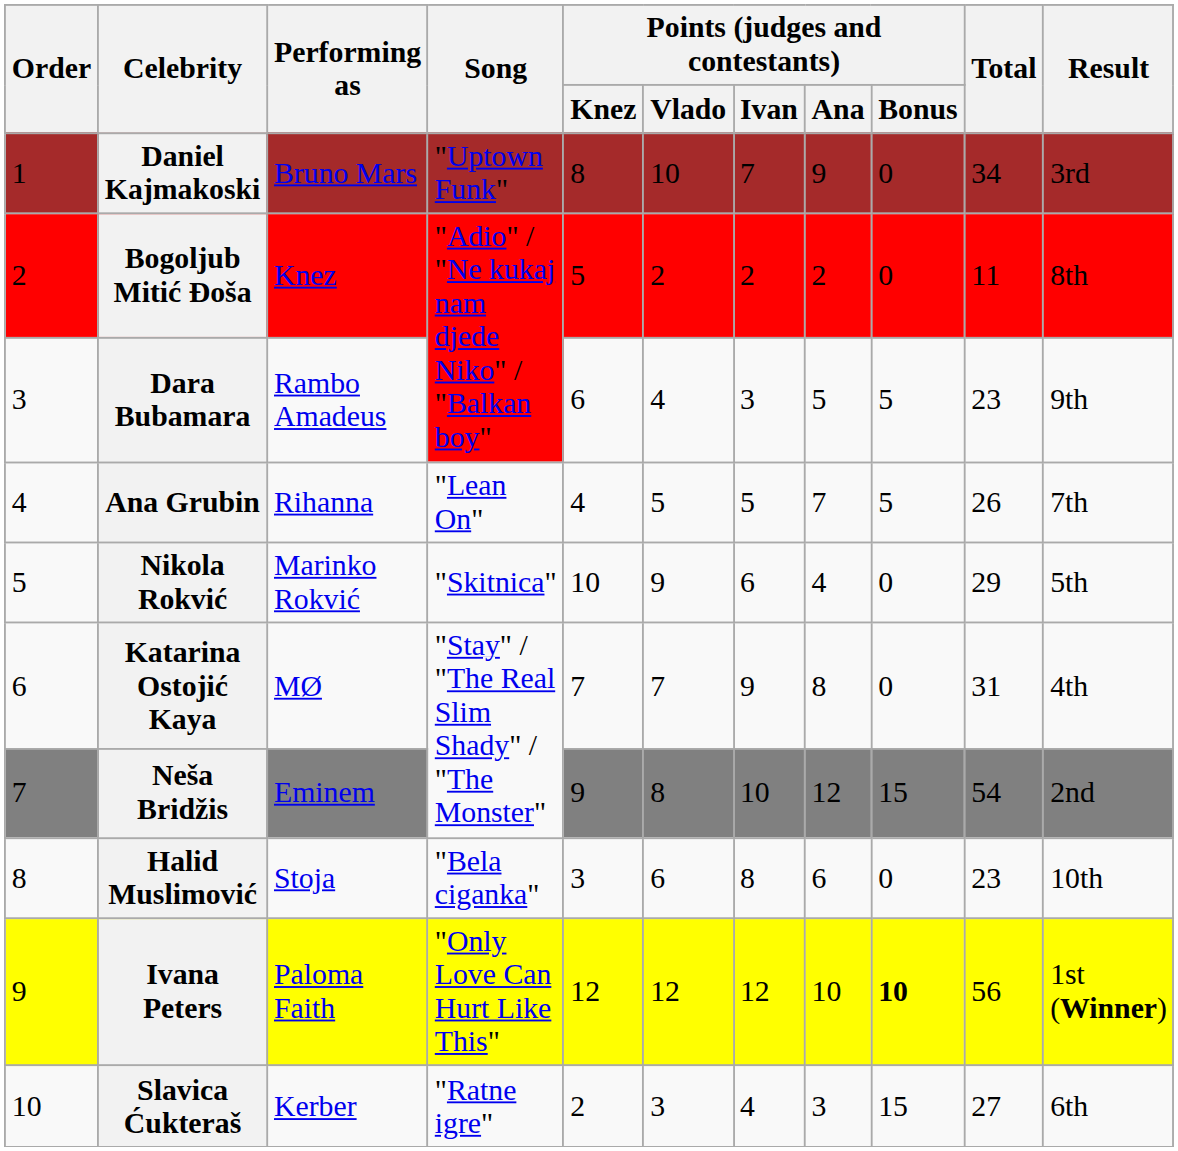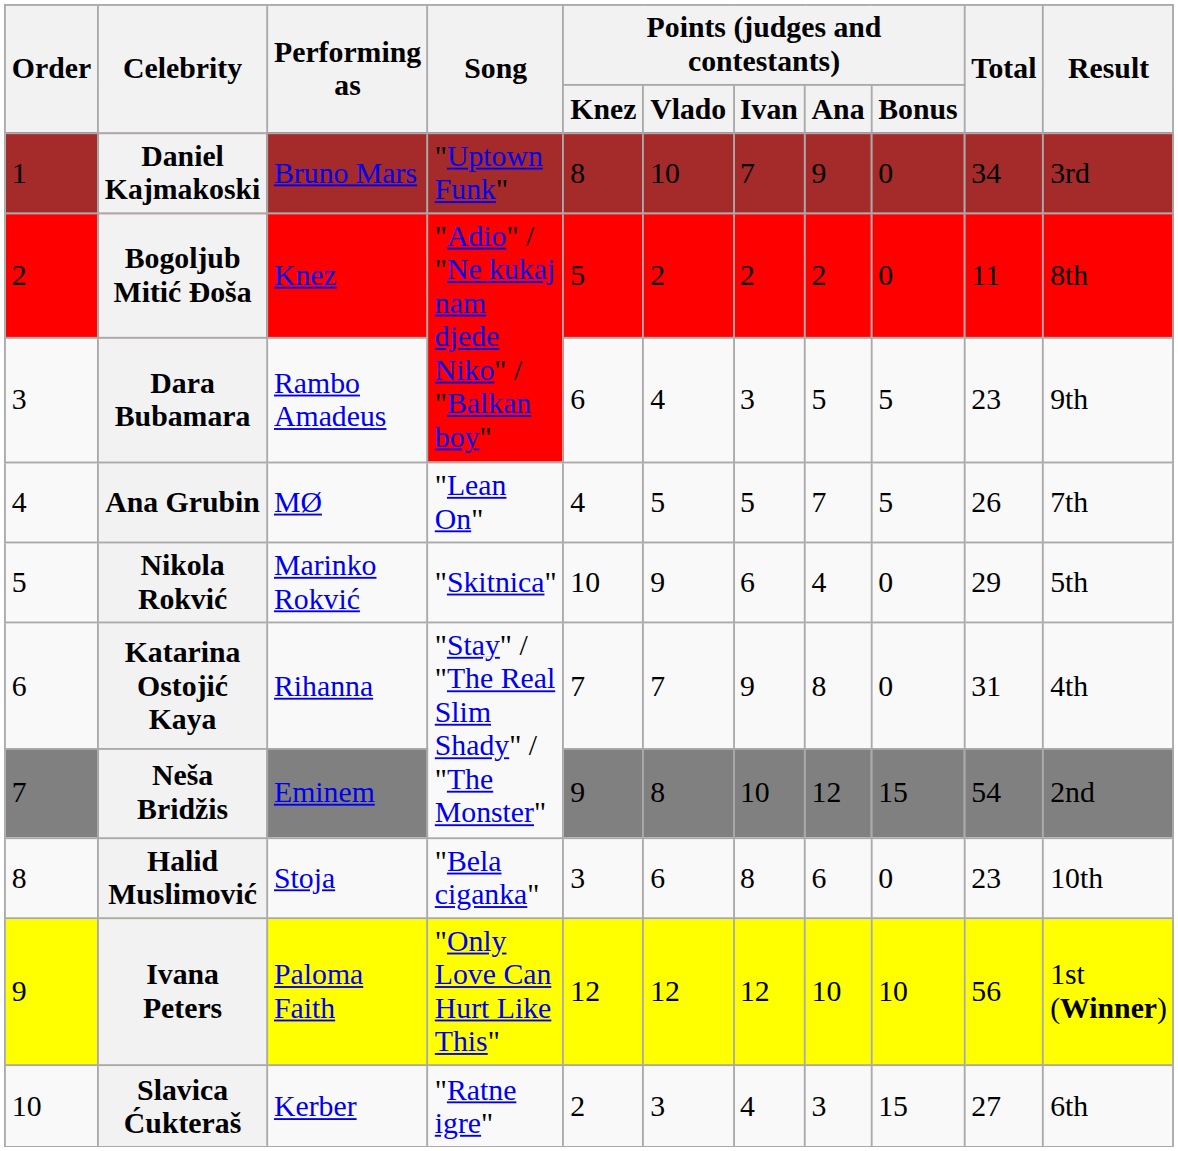 <table class=wikitable>
 <tr>
 <th rowspan="2">Order</th>
 <th rowspan="2">Celebrity</th>
 <th rowspan="2">Performing as</th>
 <th rowspan="2">Song</th>
 <th colspan="5" style="width:50%;">Points (judges and contestants)</th>
 <th rowspan="2">Total</th>
 <th rowspan="2">Result</th>
 </tr>
 <tr>
 <th style="width:10%;">Knez</th>
 <th style="width:10%;">Vlado</th>
 <th style="width:10%;">Ivan</th>
 <th style="width:10%;">Ana</th>
 <th style="width:10%;">Bonus</th>
 </tr>
 <tr bgcolor="brown">
 <td>1</td>
 <th scope="row">Daniel Kajmakoski</th>
 <td><a href='#'>Bruno Mars</a></td>
 <td>"<a href='#'>Uptown Funk</a>"</td>
 <td>8</td>
 <td>10</td>
 <td>7</td>
 <td>9</td>
 <td>0</td>
 <td>34</td>
 <td>3rd</td>
 </tr>
 <tr bgcolor="red">
 <td>2</td>
 <th scope="row">Bogoljub Mitić Đoša</th>
 <td><a href='#'>Knez</a></td>
 <td rowspan="2">"<a href='#'>Adio</a>" / "<a href='#'>Ne kukaj nam djede Niko</a>"  / "<a href='#'>Balkan boy</a>"</td>
 <td>5</td>
 <td>2</td>
 <td>2</td>
 <td>2</td>
 <td>0</td>
 <td>11</td>
 <td>8th</td>
 </tr>
 <tr ->
 <td>3</td>
 <th scope="row">Dara Bubamara</th>
 <td><a href='#'>Rambo Amadeus</a></td>
 <td>6</td>
 <td>4</td>
 <td>3</td>
 <td>5</td>
 <td>5</td>
 <td>23</td>
 <td>9th</td>
 </tr>
 <tr>
 <td>4</td>
 <th scope="row">Ana Grubin</th>
-<td><a href='#'>Rihanna</a></td>
+<td><a href='#'>MØ</a></td>
 <td>"<a href='#'>Lean On</a>"</td>
 <td>4</td>
 <td>5</td>
 <td>5</td>
 <td>7</td>
 <td>5</td>
 <td>26</td>
 <td>7th</td>
 </tr>
 <tr>
 <td>5</td>
 <th scope="row">Nikola Rokvić</th>
 <td><a href='#'>Marinko Rokvić</a></td>
 <td>"<a href='#'>Skitnica</a>"</td>
 <td>10</td>
 <td>9</td>
 <td>6</td>
 <td>4</td>
 <td>0</td>
 <td>29</td>
 <td>5th</td>
 </tr>
 <tr>
 <td>6</td>
 <th scope="row">Katarina Ostojić Kaya</th>
-<td><a href='#'>MØ</a></td>
+<td><a href='#'>Rihanna</a></td>
 <td rowspan="2">"<a href='#'>Stay</a>" / "<a href='#'>The Real Slim Shady</a>" / "<a href='#'>The Monster</a>" </td>
 <td>7</td>
 <td>7</td>
 <td>9</td>
 <td>8</td>
 <td>0</td>
 <td>31</td>
 <td>4th</td>
 </tr>
 <tr bgcolor="grey">
 <td>7</td>
 <th scope="row">Neša Bridžis</th>
 <td><a href='#'>Eminem</a></td>
 <td>9</td>
 <td>8</td>
 <td>10</td>
 <td>12</td>
 <td>15</td>
 <td>54</td>
 <td>2nd</td>
 </tr>
 <tr>
 <td>8</td>
 <th scope="row">Halid Muslimović</th>
 <td><a href='#'>Stoja</a></td>
 <td>"<a href='#'>Bela ciganka</a>"</td>
 <td>3</td>
 <td>6</td>
 <td>8</td>
 <td>6</td>
 <td>0</td>
 <td>23</td>
 <td>10th</td>
 </tr>
 <tr style="background:yellow;">
 <td>9</td>
 <th scope="row">Ivana Peters</th>
 <td><a href='#'>Paloma Faith</a></td>
 <td>"<a href='#'>Only Love Can Hurt Like This</a>"</td>
 <td>12</td>
 <td>12</td>
 <td>12</td>
 <td>10</td>
-<td><strong>10</strong></td>
+<td>10</td>
 <td>56</td>
 <td>1st (<strong>Winner</strong>)</td>
 </tr>
 <tr>
 <td>10</td>
 <th scope="row">Slavica Ćukteraš</th>
 <td><a href='#'>Kerber</a></td>
 <td>"<a href='#'>Ratne igre</a>"</td>
 <td>2</td>
 <td>3</td>
 <td>4</td>
 <td>3</td>
 <td>15</td>
 <td>27</td>
 <td>6th</td>
 </tr>
 <tr>
 </tr>
 </table>
